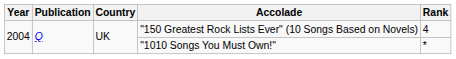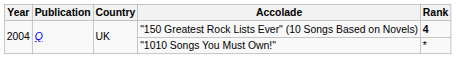 <table class="wikitable">
 <tr>
 <th>Year</th>
 <th>Publication</th>
 <th>Country</th>
 <th>Accolade</th>
 <th>Rank</th>
 </tr>
 <tr>
 <td rowspan="2">2004</td>
 <td rowspan="2"><em><a href='#'>Q</a></em></td>
 <td rowspan="2">UK</td>
 <td>"150 Greatest Rock Lists Ever" (10 Songs Based on Novels)</td>
-<td>4</td>
+<td><strong>4</strong></td>
 </tr>
 <tr>
 <td>"1010 Songs You Must Own!"</td>
 <td>*</td>
 </tr>
 </table>
